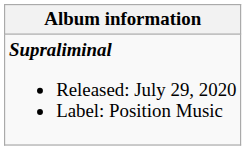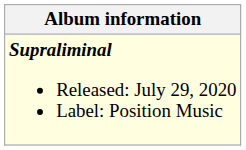 <table class="wikitable">
 <tr>
 <th style="text-align:center;">Album information</th>
 </tr>
 <tr>
-<td align="left"><strong><em>Supraliminal</em></strong><br><ul><li>Released:  July 29, 2020</li><li>Label: Position Music</li></ul></td>
+<td align="left" style="background: lightyellow;"><strong><em>Supraliminal</em></strong><br><ul><li>Released:  July 29, 2020</li><li>Label: Position Music</li></ul></td>
 </tr>
 </table>
